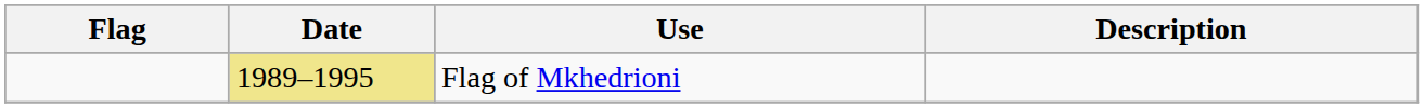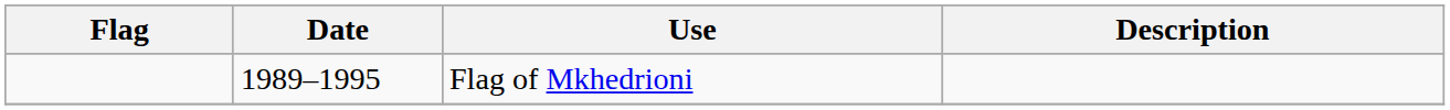 <table class="wikitable">
 <tr>
 <th width="110">Flag</th>
 <th width="100">Date</th>
 <th width="250">Use</th>
 <th width="250">Description</th>
 </tr>
 <tr>
 <td></td>
-<td style="background: khaki;">1989–1995</td>
+<td>1989–1995</td>
 <td>Flag of <a href='#'>Mkhedrioni</a></td>
 <td></td>
 </tr>
 <tr>
 </tr>
 </table>
